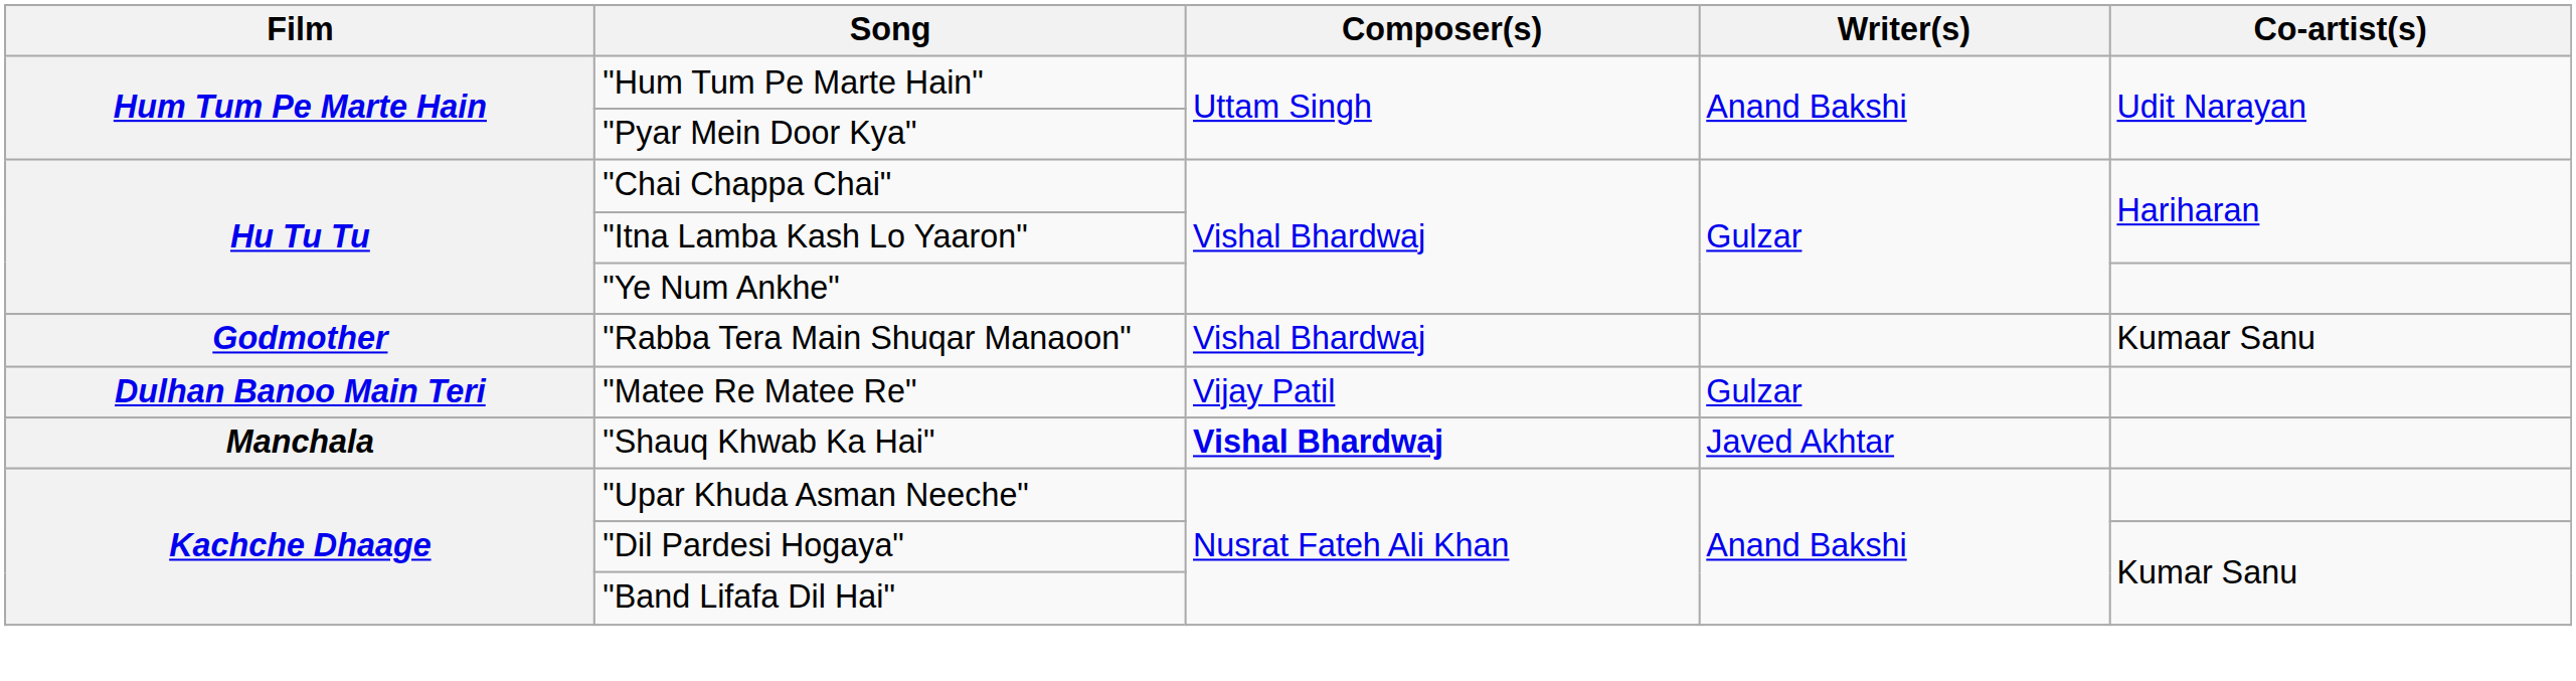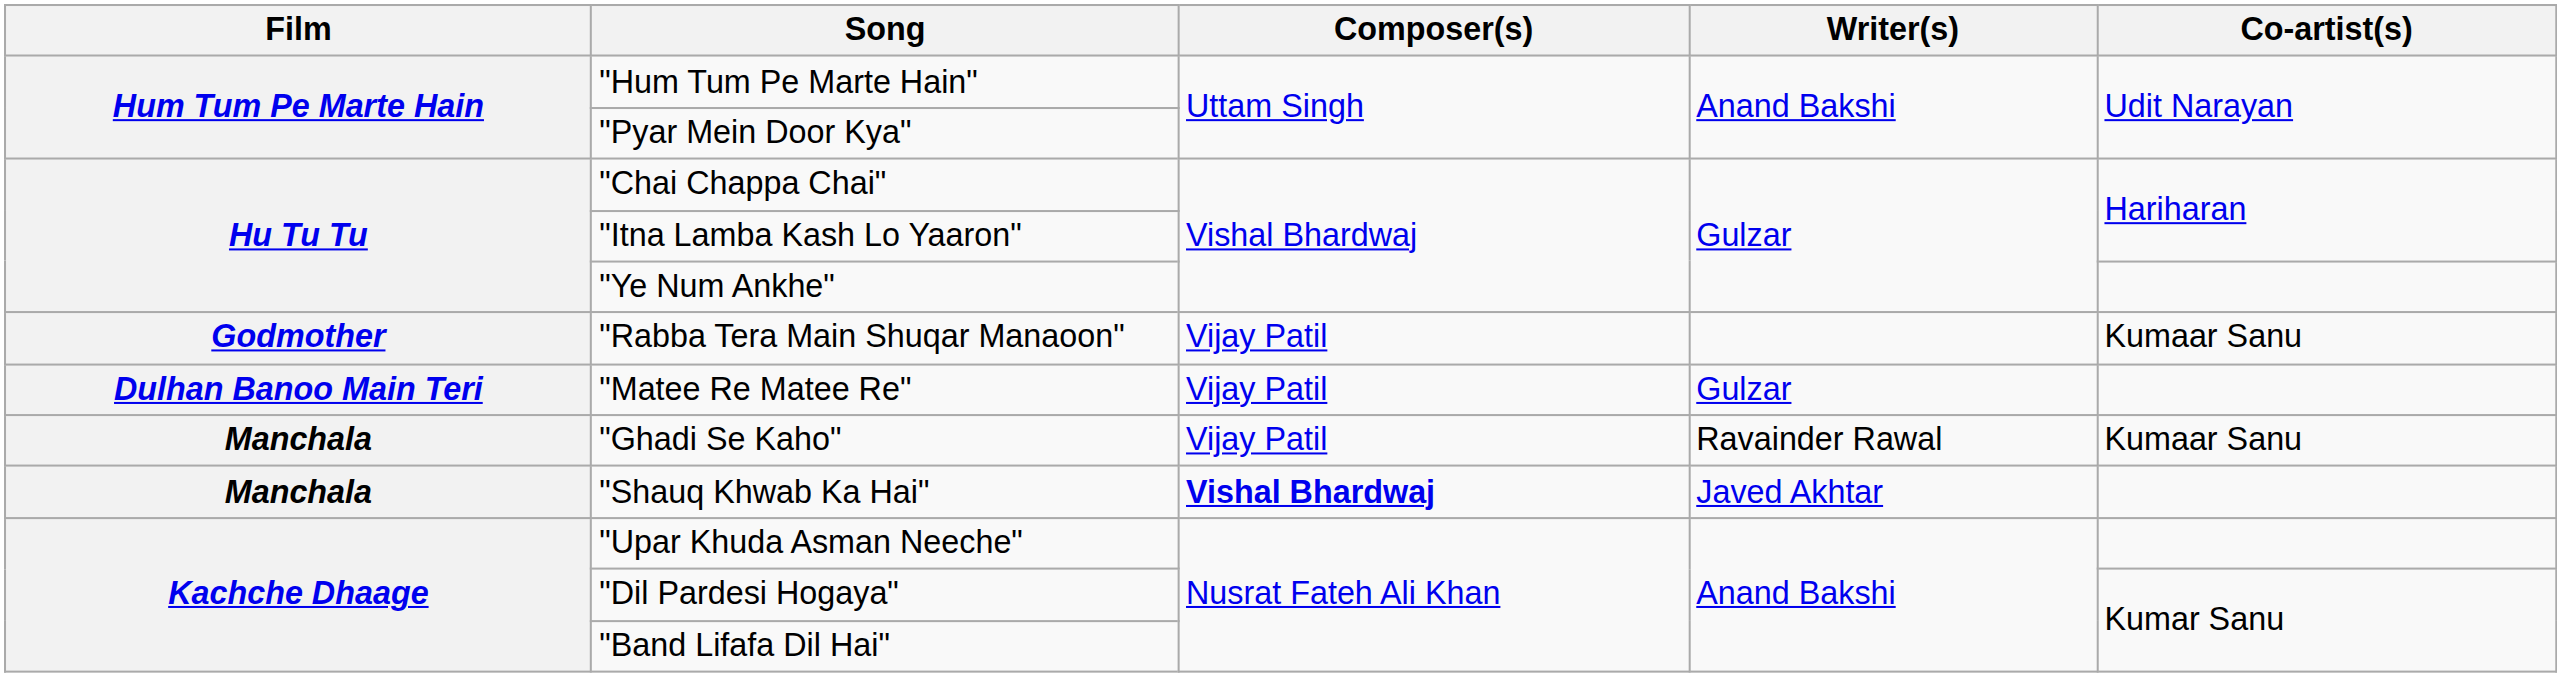 <table class="wikitable plainrowheaders" style="width:100%; textcolor:#000">
 <tr style="background:#b0e0e66;">
 <th scope="col" style="width:23%;"><strong>Film</strong></th>
 <th scope="col" style="width:23%;"><strong>Song</strong></th>
 <th scope="col" style="width:20%;"><strong>Composer(s)</strong></th>
 <th scope="col" style="width:16%;"><strong>Writer(s)</strong></th>
 <th scope="col" style="width:18%;"><strong>Co-artist(s)</strong></th>
 </tr>
 <tr>
 <th Rowspan=2><em><a href='#'>Hum Tum Pe Marte Hain</a></em></th>
 <td>"Hum Tum Pe Marte Hain"</td>
 <td rowspan=2><a href='#'>Uttam Singh</a></td>
 <td rowspan=2><a href='#'>Anand Bakshi</a></td>
 <td rowspan=2><a href='#'>Udit Narayan</a></td>
 </tr>
 <tr>
 <td>"Pyar Mein Door Kya"</td>
 </tr>
 <tr>
 <th Rowspan=3><em><a href='#'>Hu Tu Tu</a></em></th>
 <td>"Chai Chappa Chai"</td>
 <td rowspan=3><a href='#'>Vishal Bhardwaj</a></td>
 <td rowspan=3><a href='#'>Gulzar</a></td>
 <td rowspan=2><a href='#'>Hariharan</a></td>
 </tr>
 <tr>
 <td>"Itna Lamba Kash Lo Yaaron"</td>
 </tr>
 <tr>
 <td>"Ye Num Ankhe"</td>
 <td></td>
 </tr>
 <tr>
 <th><em><a href='#'>Godmother</a></em></th>
 <td>"Rabba Tera Main Shuqar Manaoon"</td>
-<td><a href='#'>Vishal Bhardwaj</a></td>
+<td><a href='#'>Vijay Patil</a></td>
 <td></td>
 <td>Kumaar Sanu</td>
 </tr>
 <tr>
 <th><em><a href='#'>Dulhan Banoo Main Teri</a></em></th>
 <td>"Matee Re Matee Re"</td>
 <td><a href='#'>Vijay Patil</a></td>
 <td><a href='#'>Gulzar</a></td>
 <td></td>
+</tr>
+<tr>
+<th><em>Manchala</em></th>
+<td>"Ghadi Se Kaho"</td>
+<td><a href='#'>Vijay Patil</a></td>
+<td>Ravainder Rawal</td>
+<td>Kumaar Sanu</td>
 </tr>
 <tr>
 <th><em>Manchala</em></th>
 <td>"Shauq Khwab Ka Hai"</td>
 <td><strong><a href='#'>Vishal Bhardwaj</a></strong></td>
 <td><a href='#'>Javed Akhtar</a></td>
 <td></td>
 </tr>
 <tr>
 <th Rowspan=3><em><a href='#'>Kachche Dhaage</a></em></th>
 <td>"Upar Khuda Asman Neeche"</td>
 <td rowspan=3><a href='#'>Nusrat Fateh Ali Khan</a></td>
 <td rowspan=3><a href='#'>Anand Bakshi</a></td>
 <td></td>
 </tr>
 <tr>
 <td>"Dil Pardesi Hogaya"</td>
 <td rowspan=2>Kumar Sanu</td>
 </tr>
 <tr>
 <td>"Band Lifafa Dil Hai"</td>
 </tr>
 </table>
